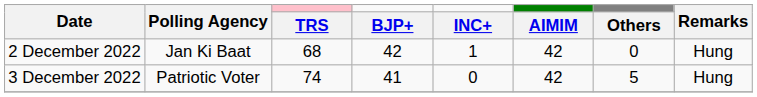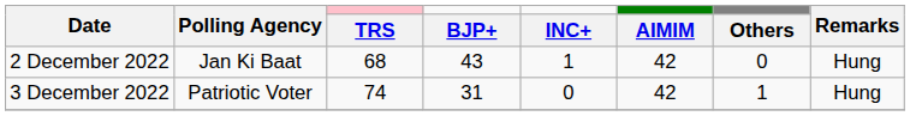 <table class="wikitable collapsible sortable" style="text-align:center">
 <tr>
 <th rowspan="2">Date</th>
 <th rowspan="2">Polling Agency</th>
 <td style="background:pink;"></td>
 <td></td>
 <td></td>
 <td style="background:green;"></td>
 <td style="background:gray;"></td>
 <th rowspan="2">Remarks</th>
 </tr>
 <tr>
 <th width="70"><a href='#'>TRS</a></th>
 <th width="70"><a href='#'>BJP+</a></th>
 <th width="70"><a href='#'>INC+</a></th>
 <th width="70"><a href='#'>AIMIM</a></th>
 <th rowspan="1" width="70">Others</th>
 </tr>
 <tr>
 <td>2 December 2022</td>
 <td>Jan Ki Baat</td>
 <td>68</td>
-<td>42</td>
+<td>43</td>
 <td>1</td>
 <td>42</td>
 <td>0</td>
 <td>Hung</td>
 </tr>
 <tr>
 <td>3 December 2022</td>
 <td>Patriotic Voter</td>
 <td>74</td>
-<td>41</td>
+<td>31</td>
 <td>0</td>
 <td>42</td>
-<td>5</td>
+<td>1</td>
 <td>Hung</td>
 </tr>
 <tr>
 </tr>
 </table>
